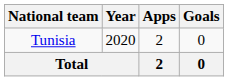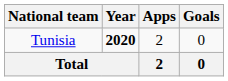 <table class="wikitable" style="text-align:center">
 <tr>
 <th>National team</th>
 <th>Year</th>
 <th>Apps</th>
 <th>Goals</th>
 </tr>
 <tr>
 <td colspan="1"><a href='#'>Tunisia</a></td>
-<td>2020</td>
+<td><strong>2020</strong></td>
 <td>2</td>
 <td>0</td>
 </tr>
 <tr>
 <th colspan="2">Total</th>
 <th>2</th>
 <th>0</th>
 </tr>
 </table>
